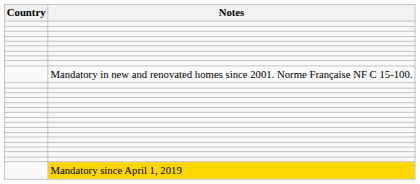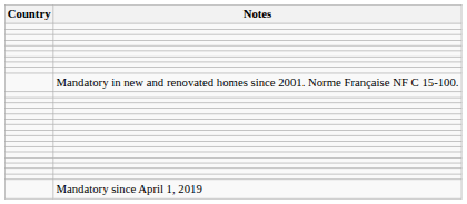 <table class="wikitable">
 <tr>
 <th>Country</th>
 <th>Notes</th>
 </tr>
 <tr>
 <td></td>
 <td></td>
 </tr>
 <tr>
 <td></td>
 <td></td>
 </tr>
 <tr>
 <td></td>
 <td></td>
 </tr>
 <tr>
 <td></td>
 <td></td>
 </tr>
 <tr>
 <td></td>
 <td></td>
 </tr>
 <tr>
 <td></td>
 <td></td>
 </tr>
 <tr>
 <td></td>
 <td></td>
 </tr>
 <tr>
 <td></td>
 <td></td>
 </tr>
 <tr>
 <td></td>
 <td></td>
 </tr>
 <tr>
 <td></td>
 <td>Mandatory in new and renovated homes since 2001. Norme Française NF C 15-100.</td>
 </tr>
 <tr>
 <td></td>
 <td></td>
 </tr>
 <tr>
 <td></td>
 <td></td>
 </tr>
 <tr>
 <td></td>
 <td></td>
 </tr>
 <tr>
 <td></td>
 <td></td>
 </tr>
 <tr>
 <td></td>
 <td></td>
 </tr>
 <tr>
 <td></td>
 <td></td>
 </tr>
 <tr>
 <td></td>
 <td></td>
 </tr>
 <tr>
 <td></td>
 <td></td>
 </tr>
 <tr>
 <td></td>
 <td></td>
 </tr>
 <tr>
 <td></td>
 <td></td>
 </tr>
 <tr>
 <td></td>
 <td></td>
 </tr>
 <tr>
 <td></td>
 <td></td>
 </tr>
 <tr>
 <td></td>
 <td></td>
 </tr>
 <tr>
 <td></td>
 <td></td>
 </tr>
 <tr>
 <td></td>
 <td></td>
 </tr>
 <tr>
 <td></td>
 <td></td>
 </tr>
 <tr>
 <td></td>
-<td style="background: gold;">Mandatory since April 1, 2019</td>
+<td>Mandatory since April 1, 2019</td>
 </tr>
 </table>
